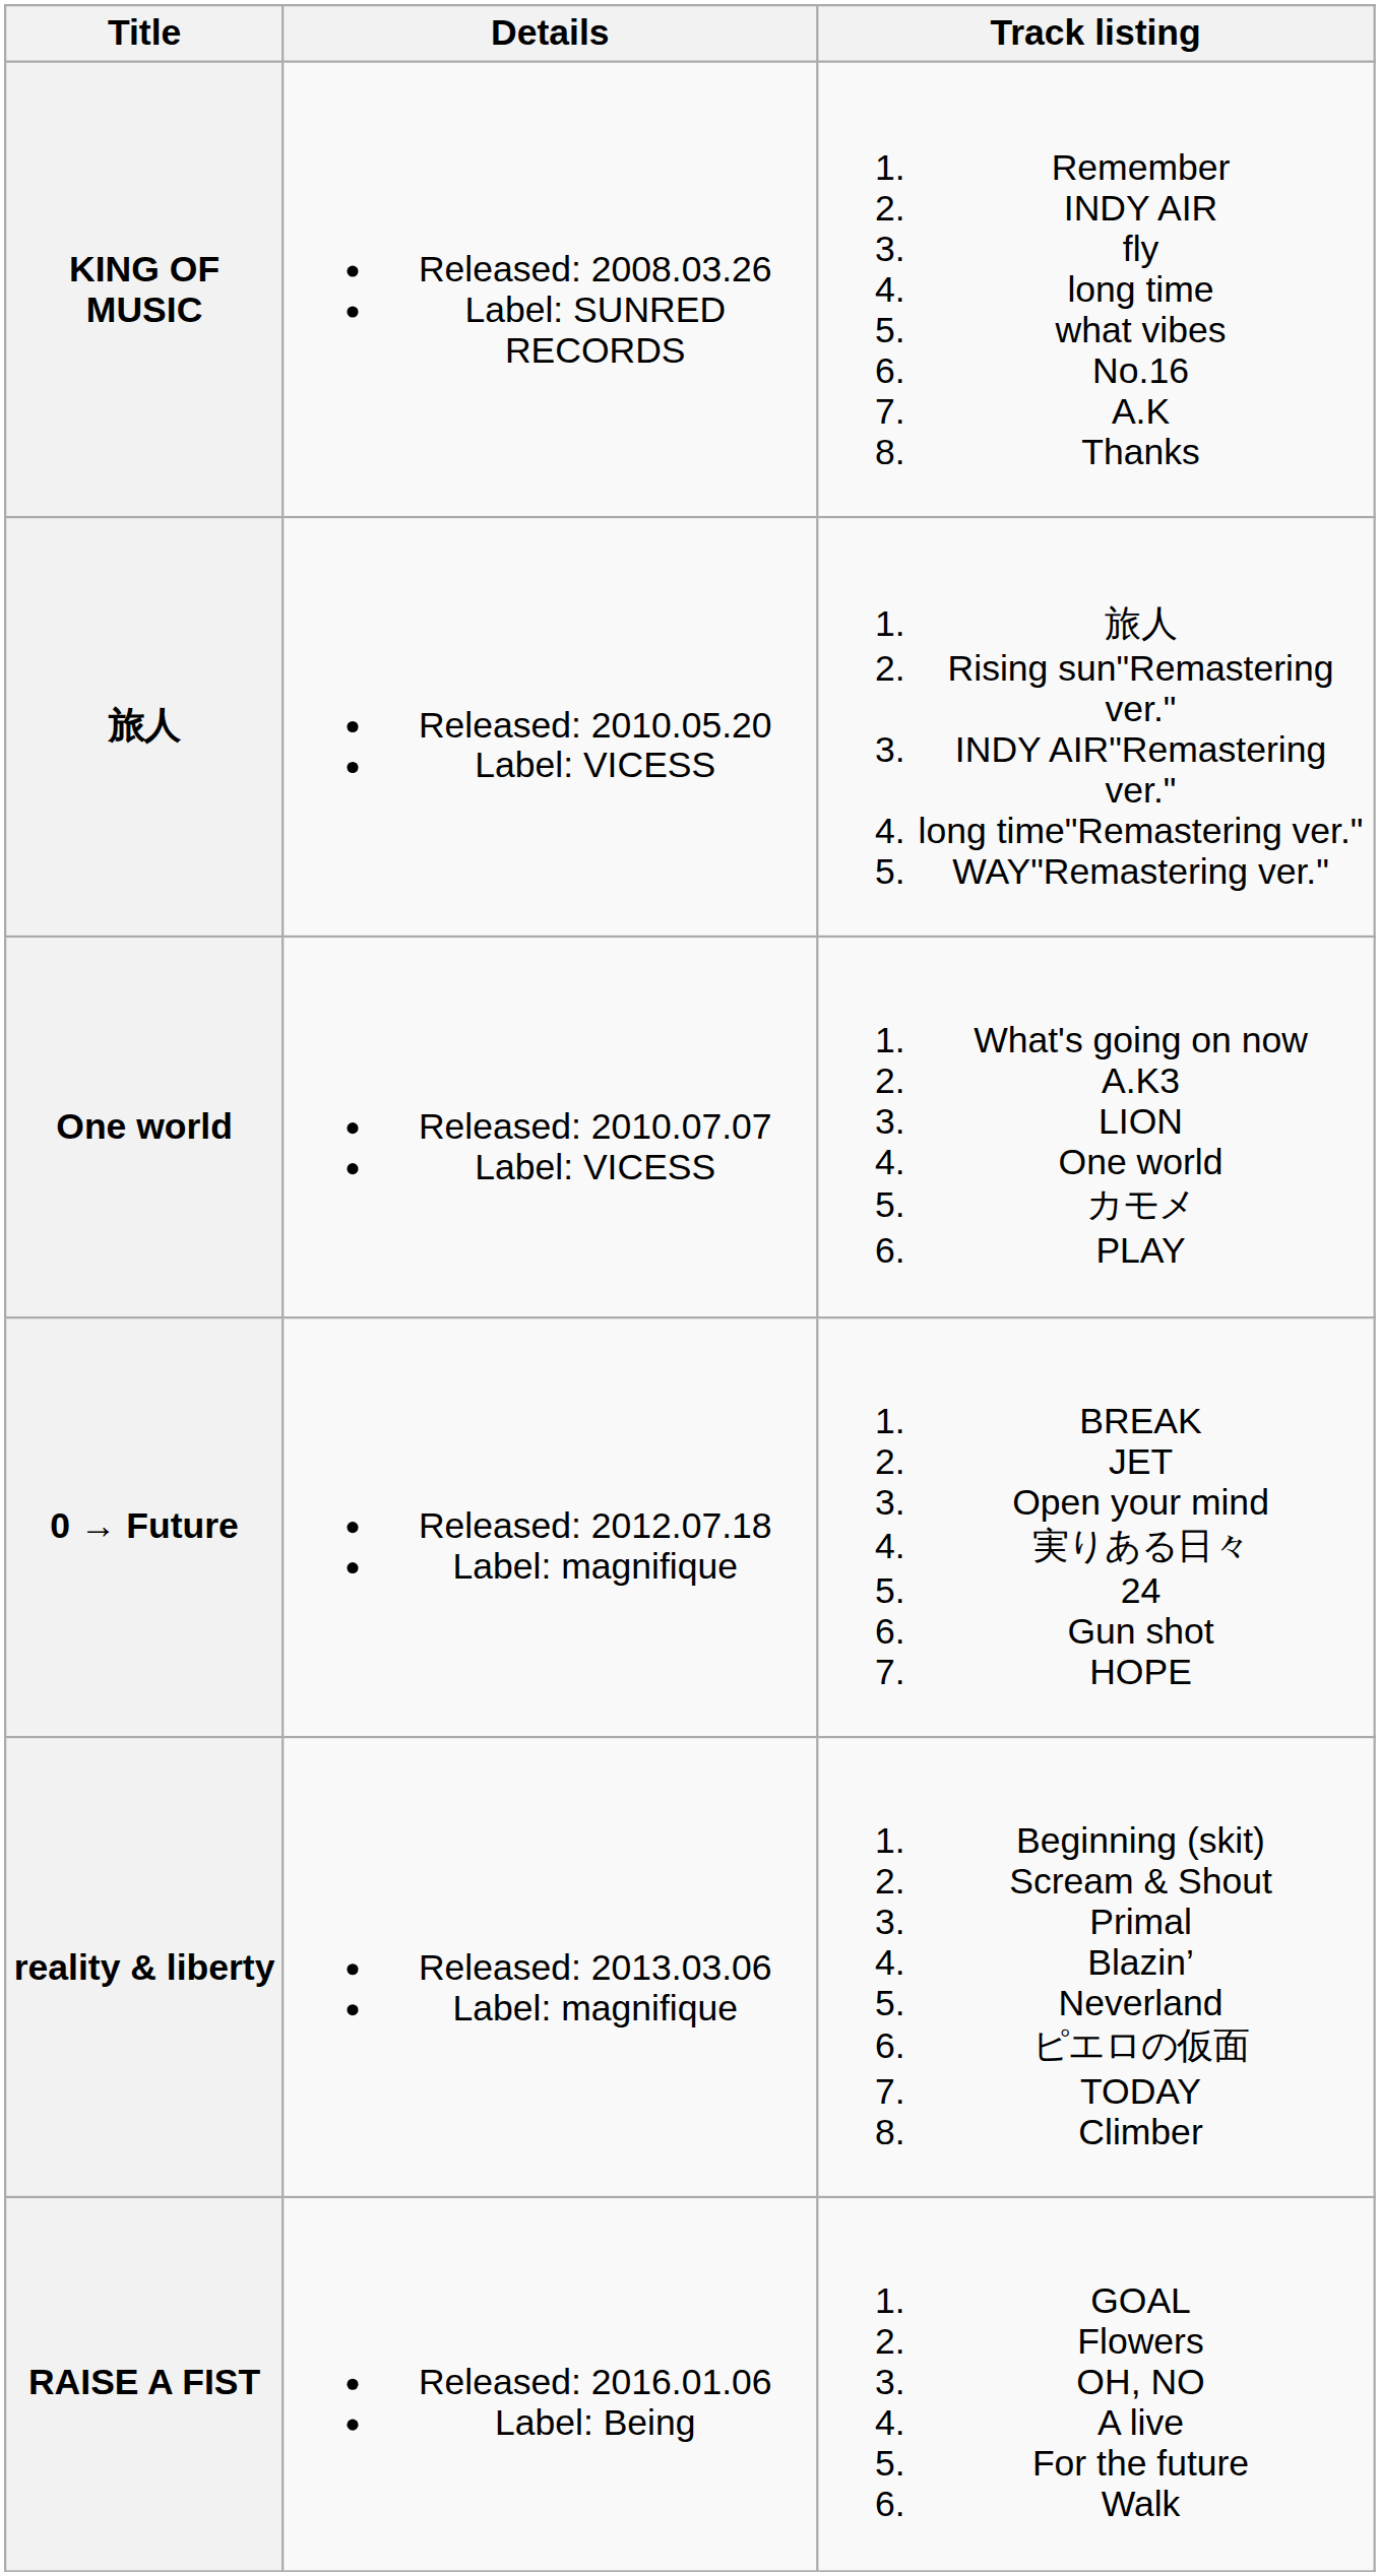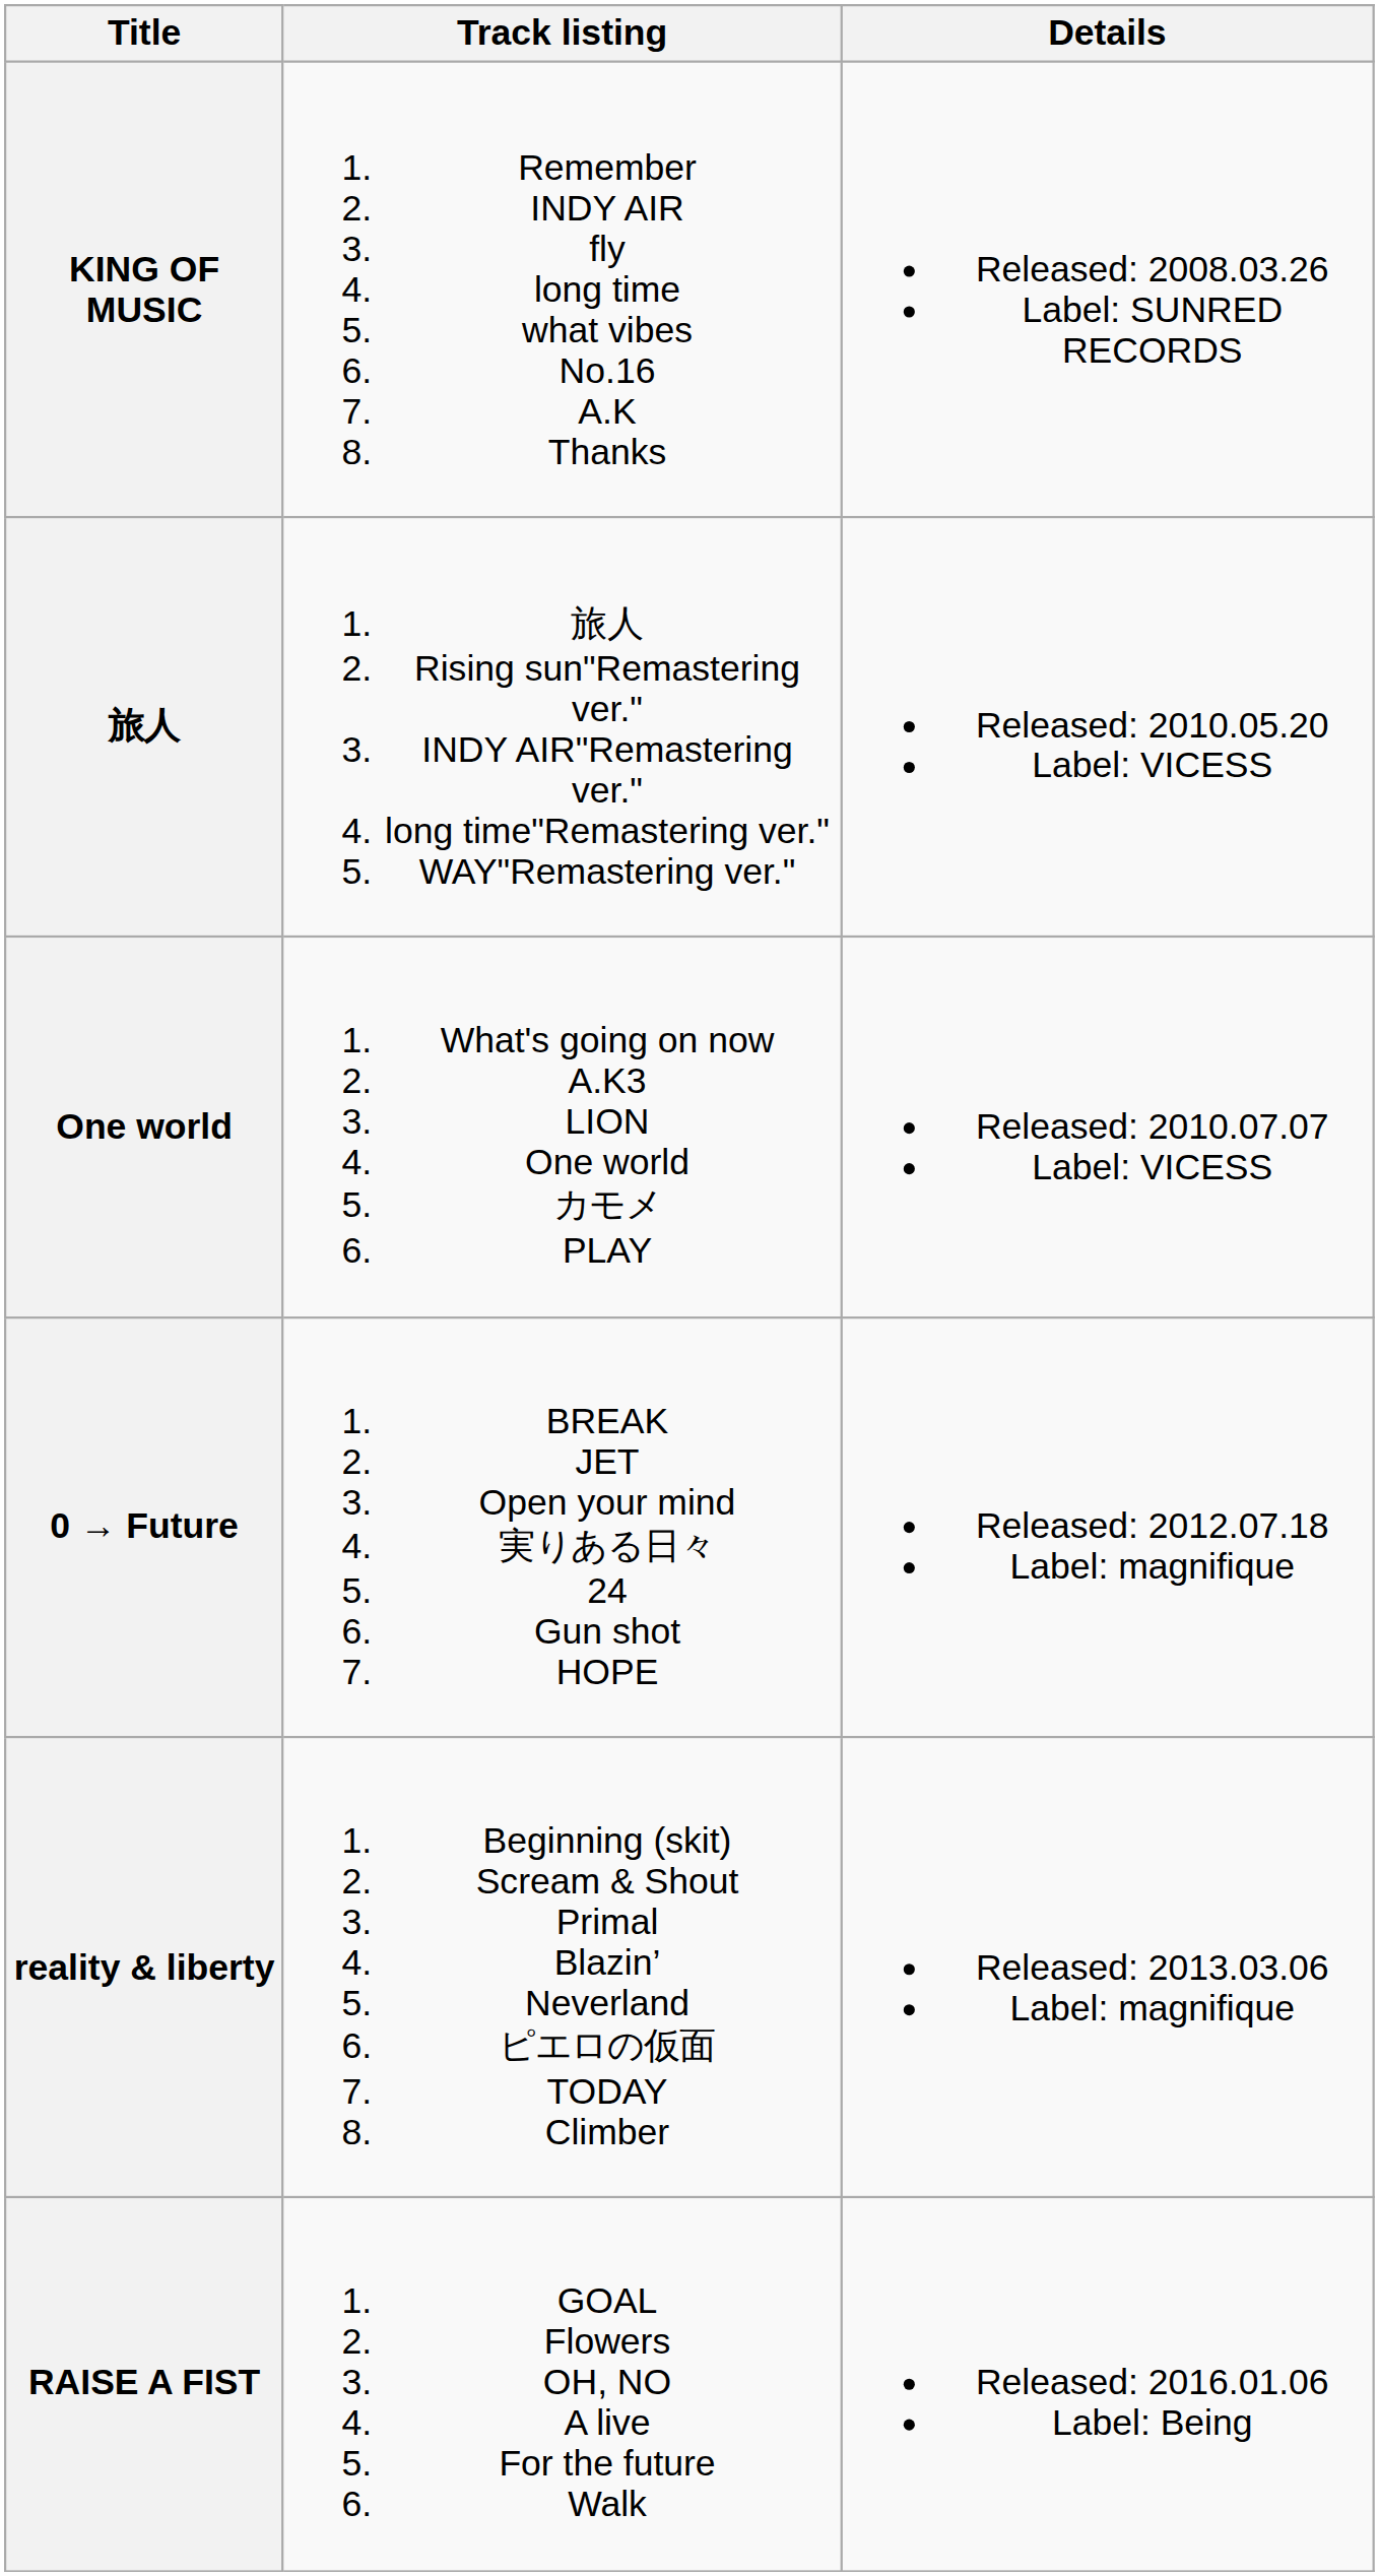 <table class="wikitable" ; style="text-align:center; style:vertical-align:middle;">
 <tr>
 <th>Title</th>
+<th>Track listing</th>
 <th>Details</th>
-<th>Track listing</th>
 </tr>
 <tr>
 <th><strong>KING OF MUSIC</strong></th>
+<td><br><ol><li>Remember</li><li>INDY AIR</li><li>fly</li><li>long time</li><li>what vibes</li><li>No.16</li><li>A.K</li><li>Thanks</li></ol></td>
 <td><br><ul><li>Released: 2008.03.26</li><li>Label: SUNRED RECORDS</li></ul></td>
-<td><br><ol><li>Remember</li><li>INDY AIR</li><li>fly</li><li>long time</li><li>what vibes</li><li>No.16</li><li>A.K</li><li>Thanks</li></ol></td>
 </tr>
 <tr>
 <th><strong>旅人</strong></th>
+<td><br><ol><li>旅人</li><li>Rising sun"Remastering ver."</li><li>INDY AIR"Remastering ver."</li><li>long time"Remastering ver."</li><li>WAY"Remastering ver."</li></ol></td>
 <td><br><ul><li>Released: 2010.05.20</li><li>Label: VICESS</li></ul></td>
-<td><br><ol><li>旅人</li><li>Rising sun"Remastering ver."</li><li>INDY AIR"Remastering ver."</li><li>long time"Remastering ver."</li><li>WAY"Remastering ver."</li></ol></td>
 </tr>
 <tr>
 <th>One world</th>
+<td><br><ol><li>What's going on now</li><li>A.K3</li><li>LION</li><li>One world</li><li>カモメ</li><li>PLAY</li></ol></td>
 <td><br><ul><li>Released: 2010.07.07</li><li>Label: VICESS</li></ul></td>
-<td><br><ol><li>What's going on now</li><li>A.K3</li><li>LION</li><li>One world</li><li>カモメ</li><li>PLAY</li></ol></td>
 </tr>
 <tr>
 <th>0 → Future</th>
+<td><br><ol><li>BREAK</li><li>JET</li><li>Open your mind</li><li>実りある日々</li><li>24</li><li>Gun shot</li><li>HOPE</li></ol></td>
 <td><br><ul><li>Released: 2012.07.18</li><li>Label: magnifique</li></ul></td>
-<td><br><ol><li>BREAK</li><li>JET</li><li>Open your mind</li><li>実りある日々</li><li>24</li><li>Gun shot</li><li>HOPE</li></ol></td>
 </tr>
 <tr>
 <th>reality & liberty</th>
+<td><br><ol><li>Beginning (skit)</li><li>Scream & Shout</li><li>Primal</li><li>Blazin’</li><li>Neverland</li><li>ピエロの仮面</li><li>TODAY</li><li>Climber</li></ol></td>
 <td><br><ul><li>Released: 2013.03.06</li><li>Label: magnifique</li></ul></td>
-<td><br><ol><li>Beginning (skit)</li><li>Scream & Shout</li><li>Primal</li><li>Blazin’</li><li>Neverland</li><li>ピエロの仮面</li><li>TODAY</li><li>Climber</li></ol></td>
 </tr>
 <tr>
 <th>RAISE A FIST</th>
+<td><br><ol><li>GOAL</li><li>Flowers</li><li>OH, NO</li><li>A live</li><li>For the future</li><li>Walk</li></ol></td>
 <td><br><ul><li>Released: 2016.01.06</li><li>Label: Being</li></ul></td>
-<td><br><ol><li>GOAL</li><li>Flowers</li><li>OH, NO</li><li>A live</li><li>For the future</li><li>Walk</li></ol></td>
 </tr>
 </table>
